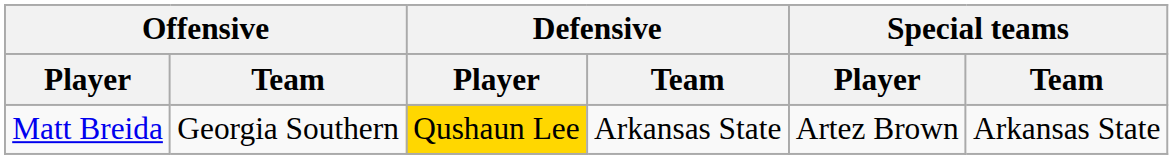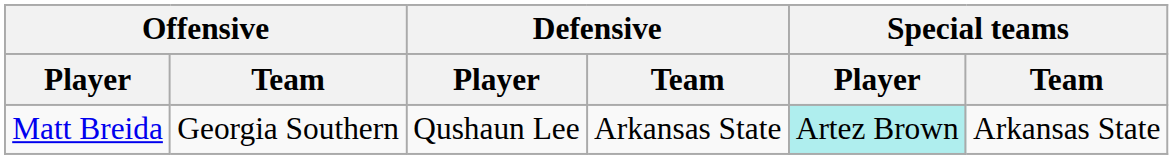 <table class="wikitable">
 <tr>
 <th colspan="2">Offensive</th>
 <th colspan="2">Defensive</th>
 <th colspan="2">Special teams</th>
 </tr>
 <tr>
 <th>Player</th>
 <th>Team</th>
 <th>Player</th>
 <th>Team</th>
 <th>Player</th>
 <th>Team</th>
 </tr>
 <tr>
 <td><a href='#'>Matt Breida</a></td>
 <td>Georgia Southern</td>
-<td style="background: gold;">Qushaun Lee</td>
+<td>Qushaun Lee</td>
 <td>Arkansas State</td>
-<td>Artez Brown</td>
+<td style="background: paleturquoise;">Artez Brown</td>
 <td>Arkansas State</td>
 </tr>
 </table>
